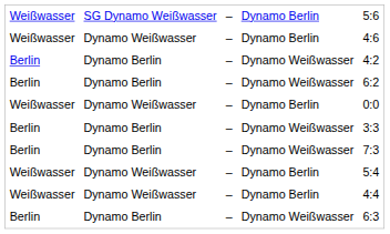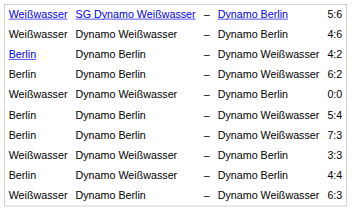 <table cellspacing="0" border="0" cellpadding="6" style="border:1px solid #bbb; background-color:#FFFFFF;">
 <tr>
 <td><a href='#'>Weißwasser</a></td>
 <td><a href='#'>SG Dynamo Weißwasser</a></td>
 <td>–</td>
 <td><a href='#'>Dynamo Berlin</a></td>
 <td>5:6</td>
 </tr>
 <tr>
 <td>Weißwasser</td>
 <td>Dynamo Weißwasser</td>
 <td>–</td>
 <td>Dynamo Berlin</td>
 <td>4:6</td>
 </tr>
 <tr>
 <td><a href='#'>Berlin</a></td>
 <td>Dynamo Berlin</td>
 <td>–</td>
 <td>Dynamo Weißwasser</td>
 <td>4:2</td>
 </tr>
 <tr>
 <td>Berlin</td>
 <td>Dynamo Berlin</td>
 <td>–</td>
 <td>Dynamo Weißwasser</td>
 <td>6:2</td>
 </tr>
 <tr>
 <td>Weißwasser</td>
 <td>Dynamo Weißwasser</td>
 <td>–</td>
 <td>Dynamo Berlin</td>
 <td>0:0</td>
 </tr>
 <tr>
 <td>Berlin</td>
 <td>Dynamo Berlin</td>
 <td>–</td>
 <td>Dynamo Weißwasser</td>
-<td>3:3</td>
+<td>5:4</td>
 </tr>
 <tr>
 <td>Berlin</td>
 <td>Dynamo Berlin</td>
 <td>–</td>
 <td>Dynamo Weißwasser</td>
 <td>7:3</td>
 </tr>
 <tr>
 <td>Weißwasser</td>
 <td>Dynamo Weißwasser</td>
 <td>–</td>
 <td>Dynamo Berlin</td>
-<td>5:4</td>
+<td>3:3</td>
 </tr>
 <tr>
-<td>Weißwasser</td>
+<td>Berlin</td>
 <td>Dynamo Weißwasser</td>
 <td>–</td>
 <td>Dynamo Berlin</td>
 <td>4:4</td>
 </tr>
 <tr>
-<td>Berlin</td>
+<td>Weißwasser</td>
 <td>Dynamo Berlin</td>
 <td>–</td>
 <td>Dynamo Weißwasser</td>
 <td>6:3</td>
 </tr>
 </table>
